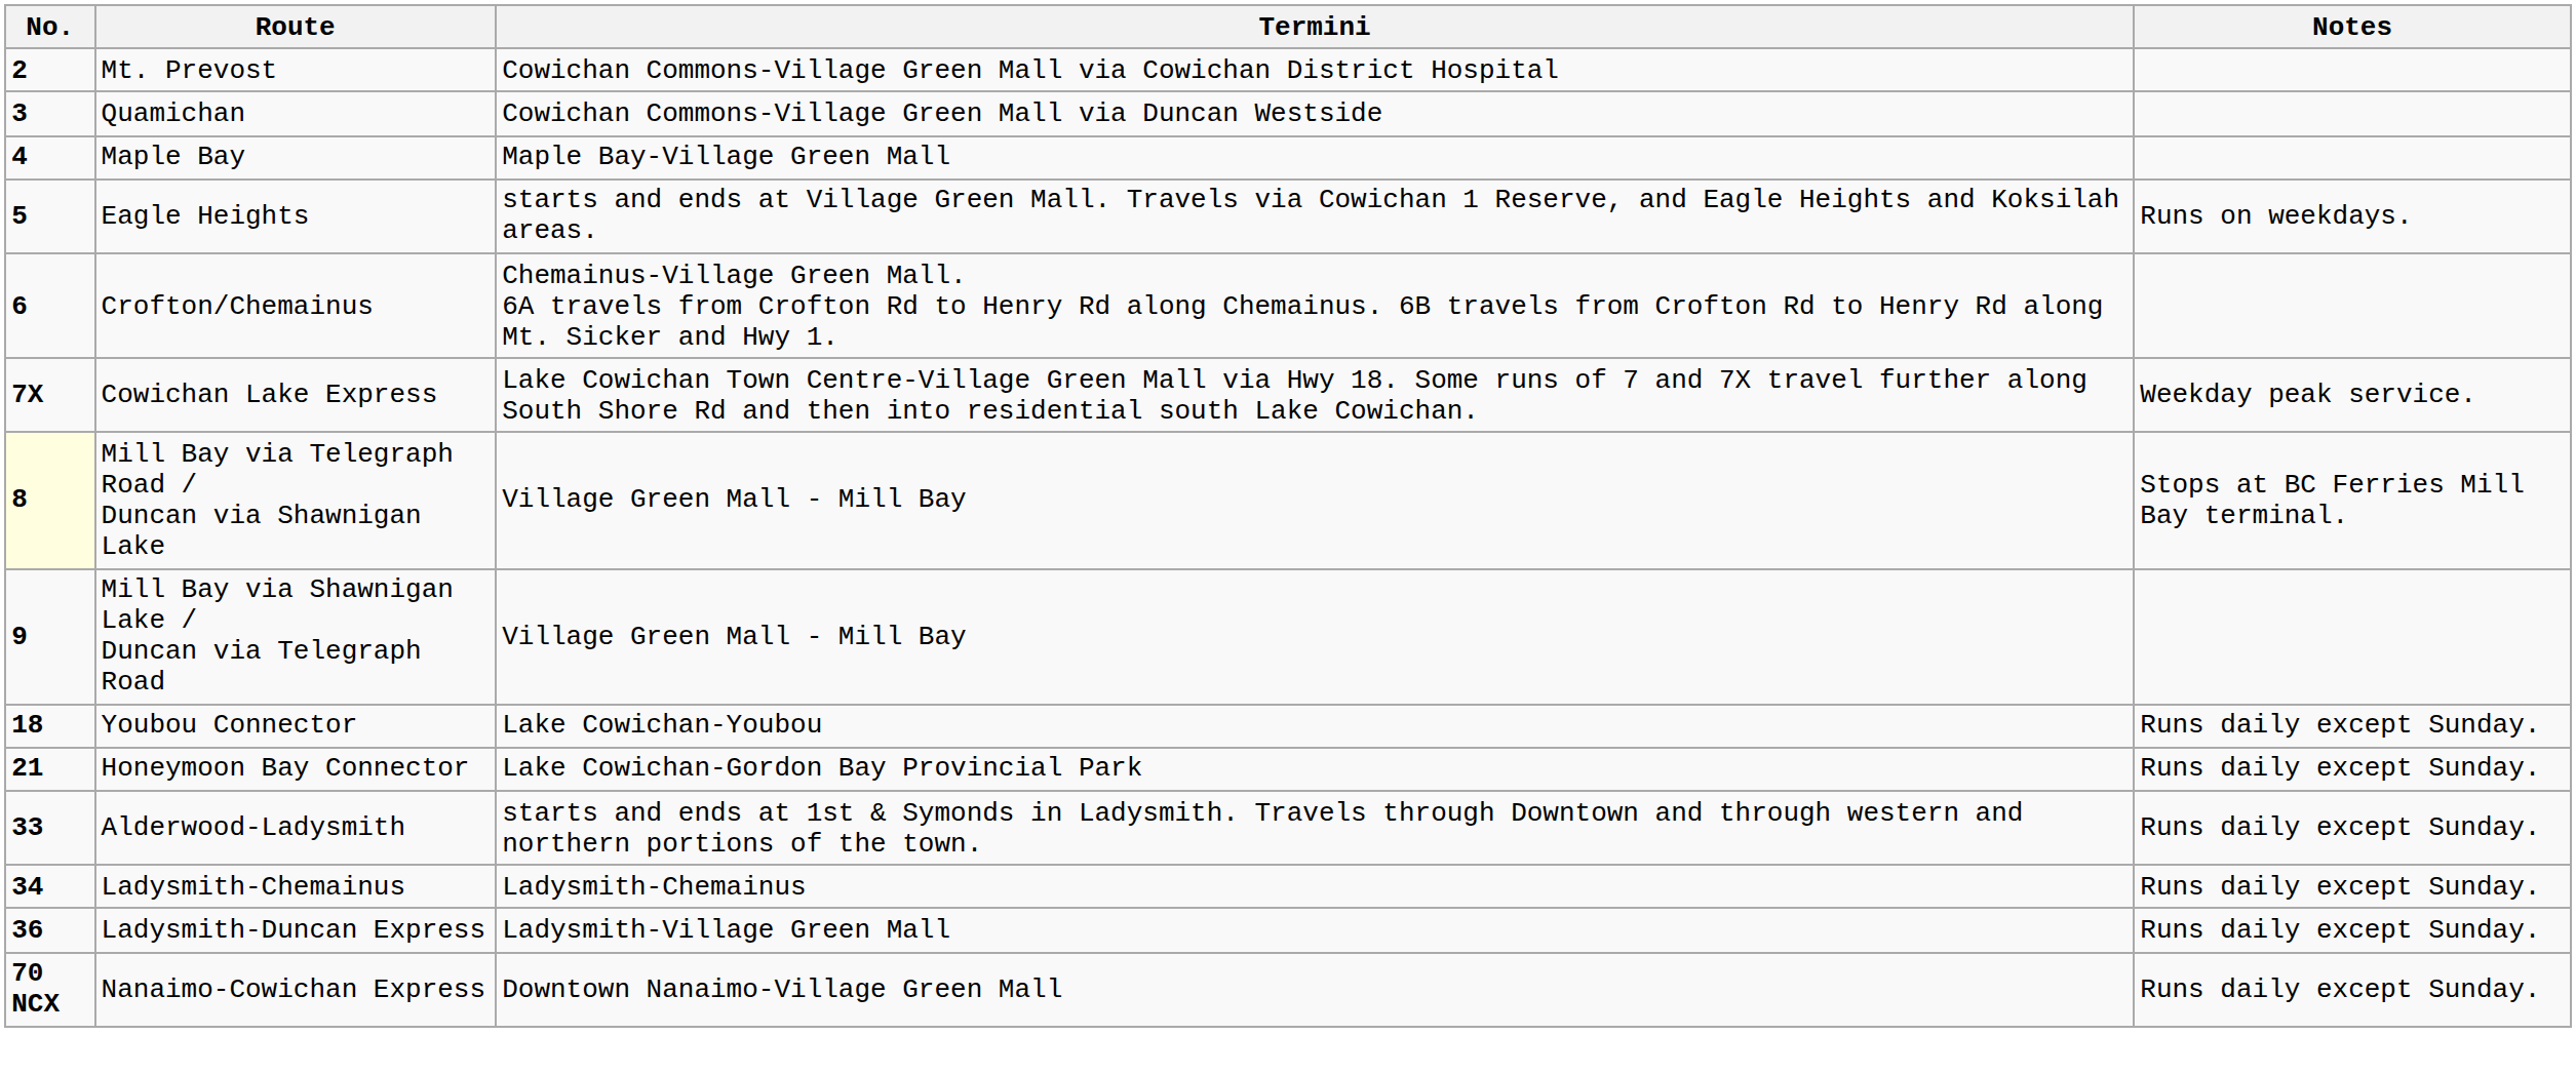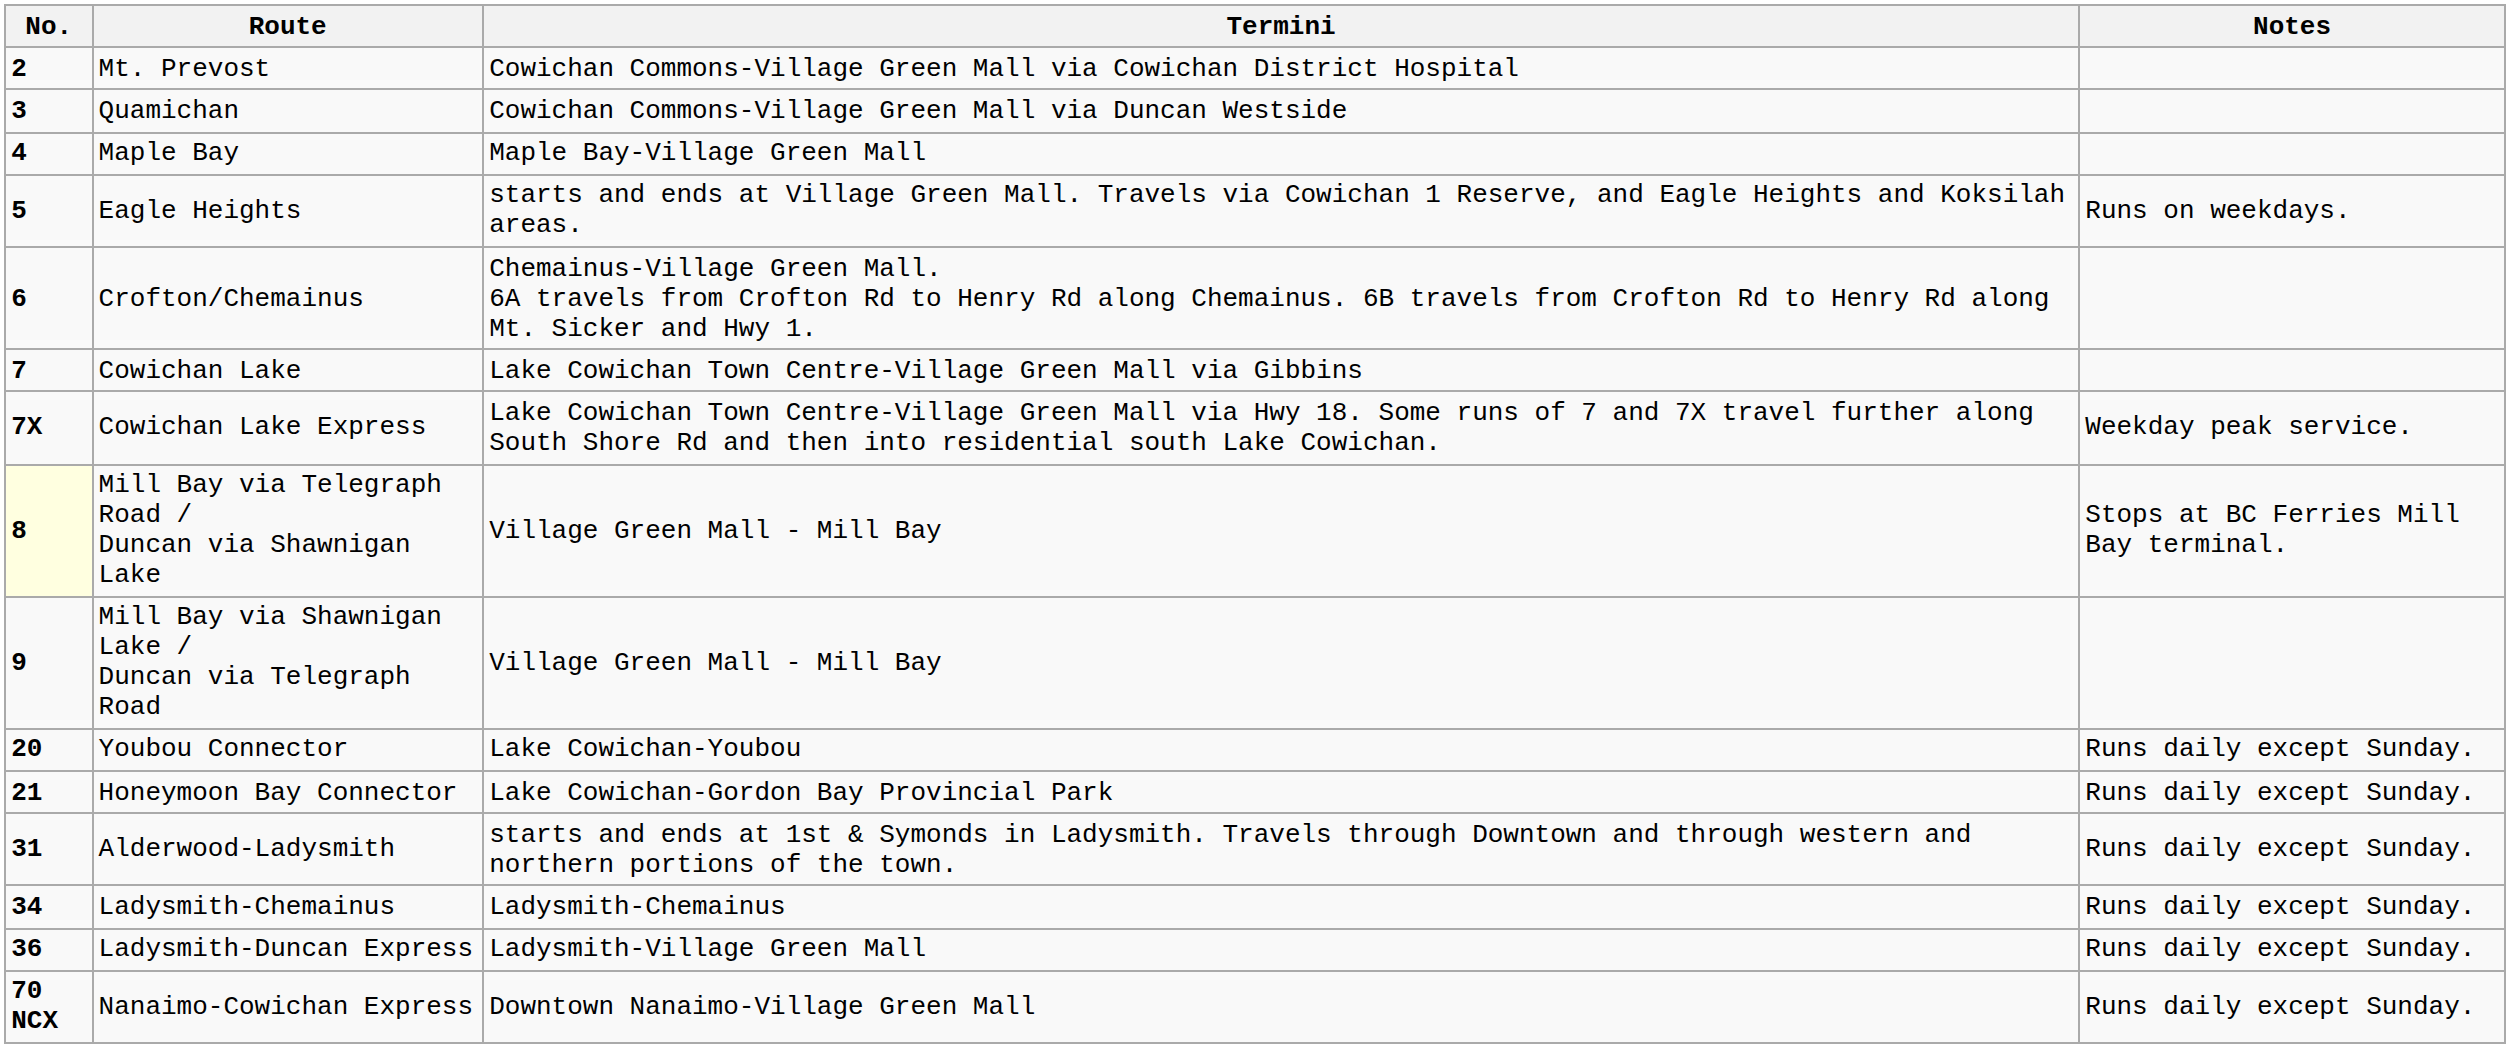 <table class="wikitable">
 <tr>
 <th>No.</th>
 <th>Route</th>
 <th>Termini</th>
 <th>Notes</th>
 </tr>
 <tr>
 <td><strong>2</strong></td>
 <td>Mt. Prevost</td>
 <td>Cowichan Commons-Village Green Mall via Cowichan District Hospital</td>
 <td></td>
 </tr>
 <tr>
 <td><strong>3</strong></td>
 <td>Quamichan</td>
 <td>Cowichan Commons-Village Green Mall via Duncan Westside</td>
 <td></td>
 </tr>
 <tr>
 <td><strong>4</strong></td>
 <td>Maple Bay</td>
 <td>Maple Bay-Village Green Mall</td>
 <td></td>
 </tr>
 <tr>
 <td><strong>5</strong></td>
 <td>Eagle Heights</td>
 <td>starts and ends at Village Green Mall. Travels via Cowichan 1 Reserve, and Eagle Heights and Koksilah areas.</td>
 <td>Runs on weekdays.</td>
 </tr>
 <tr>
 <td><strong>6</strong></td>
 <td>Crofton/Chemainus</td>
 <td>Chemainus-Village Green Mall.<br>6A travels from Crofton Rd to Henry Rd along Chemainus. 6B travels from Crofton Rd to Henry Rd along Mt. Sicker and Hwy 1. </td>
 </tr>
 <tr>
+<td><strong>7</strong></td>
+<td>Cowichan Lake</td>
+<td>Lake Cowichan Town Centre-Village Green Mall via Gibbins</td>
+<td></td>
+</tr>
+<tr>
 <td><strong>7X</strong></td>
 <td>Cowichan Lake Express</td>
 <td>Lake Cowichan Town Centre-Village Green Mall via Hwy 18. Some runs of 7 and 7X travel further along South Shore Rd and then into residential south Lake Cowichan. </td>
 <td>Weekday peak service.</td>
 </tr>
 <tr>
 <td style="background: lightyellow;"><strong>8</strong></td>
 <td>Mill Bay via Telegraph Road /<br>Duncan via Shawnigan Lake</td>
 <td>Village Green Mall - Mill Bay</td>
 <td>Stops at BC Ferries Mill Bay terminal. </td>
 </tr>
 <tr>
 <td><strong>9</strong></td>
 <td>Mill Bay via Shawnigan Lake /<br>Duncan via Telegraph Road</td>
 <td>Village Green Mall - Mill Bay</td>
 <td></td>
 </tr>
 <tr>
-<td><strong>18</strong></td>
+<td><strong>20</strong></td>
 <td>Youbou Connector</td>
 <td>Lake Cowichan-Youbou</td>
 <td>Runs daily except Sunday. </td>
 </tr>
 <tr>
 <td><strong>21</strong></td>
 <td>Honeymoon Bay Connector</td>
 <td>Lake Cowichan-Gordon Bay Provincial Park</td>
 <td>Runs daily except Sunday. </td>
 </tr>
 <tr>
-<td><strong>33</strong></td>
+<td><strong>31</strong></td>
 <td>Alderwood-Ladysmith</td>
 <td>starts and ends at 1st & Symonds in Ladysmith. Travels through Downtown and through western and northern portions of the town.</td>
 <td>Runs daily except Sunday.</td>
 </tr>
 <tr>
 <td><strong>34</strong></td>
 <td>Ladysmith-Chemainus</td>
 <td>Ladysmith-Chemainus </td>
 <td>Runs daily except Sunday.</td>
 </tr>
 <tr>
 <td><strong>36</strong></td>
 <td>Ladysmith-Duncan Express</td>
 <td>Ladysmith-Village Green Mall </td>
 <td>Runs daily except Sunday.</td>
 </tr>
 <tr>
 <td><strong>70 NCX</strong></td>
 <td>Nanaimo-Cowichan Express</td>
 <td>Downtown Nanaimo-Village Green Mall</td>
 <td>Runs daily except Sunday. </td>
 </tr>
 </table>
